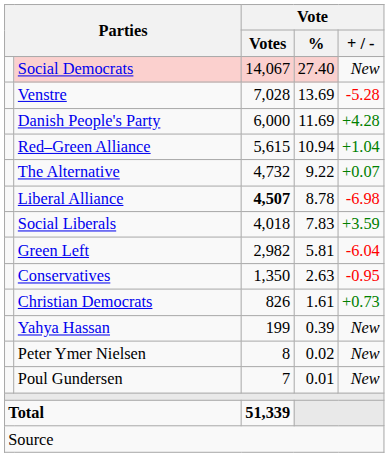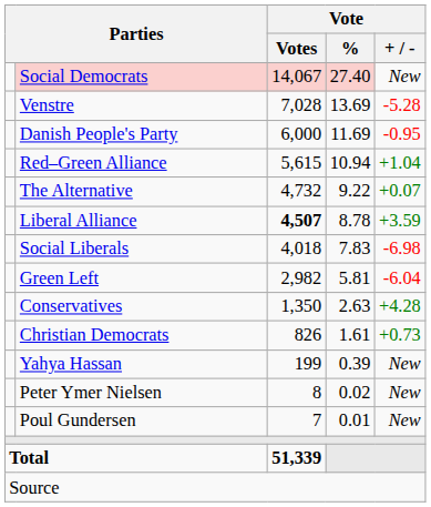 <table class="wikitable" style="text-align:right;">
 <tr>
 <th style="text-align:centre;" rowspan="2" colspan="2" width="225">Parties</th>
 <th colspan="3">Vote</th>
 </tr>
 <tr>
 <th width="15">Votes</th>
 <th width="15">%</th>
 <th width="15">+ / -</th>
 </tr>
 <tr>
 <td width="2" style="color:inherit;background:"></td>
 <td bgcolor=#fbd0ce  align="left"><a href='#'>Social Democrats</a></td>
 <td bgcolor=#fbd0ce>14,067</td>
 <td bgcolor=#fbd0ce>27.40</td>
 <td><em>New</em></td>
 </tr>
 <tr>
 <td width="2" style="color:inherit;background:"></td>
 <td align="left"><a href='#'>Venstre</a></td>
 <td>7,028</td>
 <td>13.69</td>
 <td style=color:red;>-5.28</td>
 </tr>
 <tr>
 <td width="2" style="color:inherit;background:"></td>
 <td align="left"><a href='#'>Danish People's Party</a></td>
 <td>6,000</td>
 <td>11.69</td>
-<td style=color:green;>+4.28</td>
+<td style=color:red;>-0.95</td>
 </tr>
 <tr>
 <td width="2" style="color:inherit;background:"></td>
 <td align="left"><a href='#'>Red–Green Alliance</a></td>
 <td>5,615</td>
 <td>10.94</td>
 <td style=color:green;>+1.04</td>
 </tr>
 <tr>
 <td width="2" style="color:inherit;background:"></td>
 <td align="left"><a href='#'>The Alternative</a></td>
 <td>4,732</td>
 <td>9.22</td>
 <td style=color:green;>+0.07</td>
 </tr>
 <tr>
 <td width="2" style="color:inherit;background:"></td>
 <td align="left"><a href='#'>Liberal Alliance</a></td>
 <td><strong>4,507</strong></td>
 <td>8.78</td>
-<td style=color:red;>-6.98</td>
+<td style=color:green;>+3.59</td>
 </tr>
 <tr>
 <td width="2" style="color:inherit;background:"></td>
 <td align="left"><a href='#'>Social Liberals</a></td>
 <td>4,018</td>
 <td>7.83</td>
-<td style=color:green;>+3.59</td>
+<td style=color:red;>-6.98</td>
 </tr>
 <tr>
 <td width="2" style="color:inherit;background:"></td>
 <td align="left"><a href='#'>Green Left</a></td>
 <td>2,982</td>
 <td>5.81</td>
 <td style=color:red;>-6.04</td>
 </tr>
 <tr>
 <td width="2" style="color:inherit;background:"></td>
 <td align="left"><a href='#'>Conservatives</a></td>
 <td>1,350</td>
 <td>2.63</td>
-<td style=color:red;>-0.95</td>
+<td style=color:green;>+4.28</td>
 </tr>
 <tr>
 <td width="2" style="color:inherit;background:"></td>
 <td align="left"><a href='#'>Christian Democrats</a></td>
 <td>826</td>
 <td>1.61</td>
 <td style=color:green;>+0.73</td>
 </tr>
 <tr>
 <td width="2" style="color:inherit;background:"></td>
 <td align="left"><a href='#'>Yahya Hassan</a></td>
 <td>199</td>
 <td>0.39</td>
 <td><em>New</em></td>
 </tr>
 <tr>
 <td width="2" style="color:inherit;background:"></td>
 <td align="left">Peter Ymer Nielsen</td>
 <td>8</td>
 <td>0.02</td>
 <td><em>New</em></td>
 </tr>
 <tr>
 <td width="2" style="color:inherit;background:"></td>
 <td align="left">Poul Gundersen</td>
 <td>7</td>
 <td>0.01</td>
 <td><em>New</em></td>
 </tr>
 <tr>
 <td colspan="7" bgcolor="#E9E9E9"></td>
 </tr>
 <tr>
 <td align="left" colspan="2"><strong>Total</strong></td>
 <td><strong>51,339</strong></td>
 <td bgcolor="#E9E9E9" colspan="2"></td>
 </tr>
 <tr>
 <td align="left" colspan="6">Source</td>
 </tr>
 </table>
